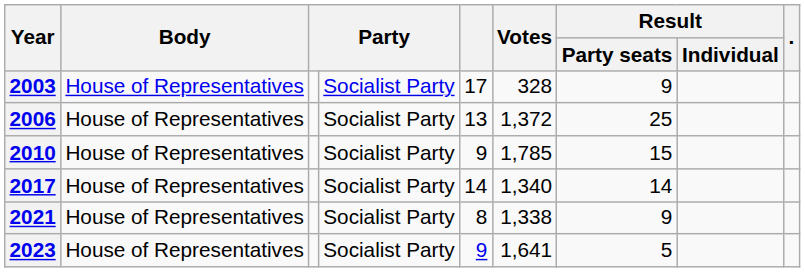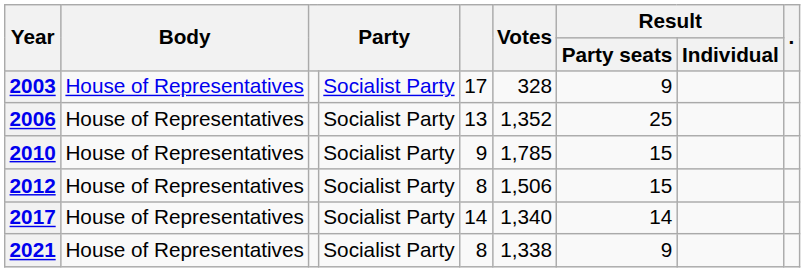 <table class="wikitable plainrowheaders sortable" border=2 cellpadding=4 cellspacing=0 style="border: 1px #aaa solid; font-size: 90%; text-align:center;">
 <tr>
 <th scope="col" rowspan=2>Year</th>
 <th scope="col" rowspan=2>Body</th>
 <th scope="col" colspan=2 rowspan=2>Party</th>
 <th scope="col" rowspan=2></th>
 <th scope="col" rowspan=2>Votes</th>
 <th scope="colgroup" colspan=2>Result</th>
 <th scope="col" rowspan=2 class="unsortable">.</th>
 </tr>
 <tr>
 <th scope="col">Party seats</th>
 <th scope="col">Individual</th>
 </tr>
 <tr>
 <th scope="row"><a href='#'>2003</a></th>
 <td><a href='#'>House of Representatives</a></td>
 <td style="background-color:"></td>
 <td><a href='#'>Socialist Party</a></td>
 <td style=text-align:right>17</td>
 <td style=text-align:right>328</td>
 <td style=text-align:right>9</td>
 <td></td>
 <td></td>
 </tr>
 <tr>
 <th scope="row"><a href='#'>2006</a></th>
 <td>House of Representatives</td>
 <td style="background-color:"></td>
 <td>Socialist Party</td>
 <td style=text-align:right>13</td>
-<td style=text-align:right>1,372</td>
+<td style=text-align:right>1,352</td>
 <td style=text-align:right>25</td>
 <td></td>
 <td></td>
 </tr>
 <tr>
 <th scope="row"><a href='#'>2010</a></th>
 <td>House of Representatives</td>
 <td style="background-color:"></td>
 <td>Socialist Party</td>
 <td style=text-align:right>9</td>
 <td style=text-align:right>1,785</td>
+<td style=text-align:right>15</td>
+<td></td>
+<td></td>
+</tr>
+<tr>
+<th scope="row"><a href='#'>2012</a></th>
+<td>House of Representatives</td>
+<td style="background-color:"></td>
+<td>Socialist Party</td>
+<td style=text-align:right>8</td>
+<td style=text-align:right>1,506</td>
 <td style=text-align:right>15</td>
 <td></td>
 <td></td>
 </tr>
 <tr>
 <th scope="row"><a href='#'>2017</a></th>
 <td>House of Representatives</td>
 <td style="background-color:"></td>
 <td>Socialist Party</td>
 <td style=text-align:right>14</td>
 <td style=text-align:right>1,340</td>
 <td style=text-align:right>14</td>
 <td></td>
 <td></td>
 </tr>
 <tr>
 <th scope="row"><a href='#'>2021</a></th>
 <td>House of Representatives</td>
 <td style="background-color:"></td>
 <td>Socialist Party</td>
 <td style=text-align:right>8</td>
 <td style=text-align:right>1,338</td>
 <td style=text-align:right>9</td>
 <td></td>
 <td></td>
 </tr>
-<tr>
-<th scope="row"><a href='#'>2023</a></th>
-<td>House of Representatives</td>
-<td style="background-color:"></td>
-<td>Socialist Party</td>
-<td style=text-align:right><a href='#'>9</a></td>
-<td style=text-align:right>1,641</td>
-<td style=text-align:right>5</td>
-<td></td>
-<td></td>
-</tr>
 </table>
